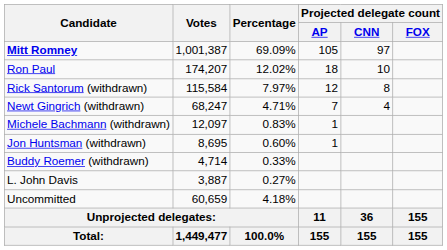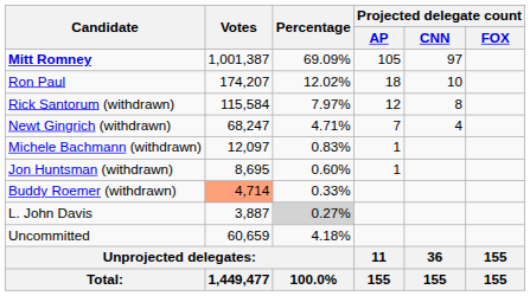 <table class="wikitable" style="text-align:right;">
 <tr>
 <th rowspan="2">Candidate</th>
 <th rowspan="2">Votes</th>
 <th rowspan="2">Percentage</th>
 <th colspan="3">Projected delegate count</th>
 </tr>
 <tr>
 <th><a href='#'>AP</a></th>
 <th><a href='#'>CNN</a><br></th>
 <th><a href='#'>FOX</a><br></th>
 </tr>
 <tr>
 <td style="text-align:left;"> <strong><a href='#'>Mitt Romney</a></strong></td>
 <td>1,001,387</td>
 <td>69.09%</td>
 <td>105</td>
 <td>97</td>
 <td></td>
 </tr>
 <tr>
 <td style="text-align:left;"><a href='#'>Ron Paul</a></td>
 <td>174,207</td>
 <td>12.02%</td>
 <td>18</td>
 <td>10</td>
 <td></td>
 </tr>
 <tr>
 <td style="text-align:left;"><a href='#'>Rick Santorum</a> (withdrawn)</td>
 <td>115,584</td>
 <td>7.97%</td>
 <td>12</td>
 <td>8</td>
 <td></td>
 </tr>
 <tr>
 <td style="text-align:left;"><a href='#'>Newt Gingrich</a> (withdrawn)</td>
 <td>68,247</td>
 <td>4.71%</td>
 <td>7</td>
 <td>4</td>
 <td></td>
 </tr>
 <tr>
 <td style="text-align:left;"><a href='#'>Michele Bachmann</a> (withdrawn)</td>
 <td>12,097</td>
 <td>0.83%</td>
 <td>1</td>
 <td></td>
 <td></td>
 </tr>
 <tr>
 <td style="text-align:left;"><a href='#'>Jon Huntsman</a> (withdrawn)</td>
 <td>8,695</td>
 <td>0.60%</td>
 <td>1</td>
 <td></td>
 <td></td>
 </tr>
 <tr>
 <td style="text-align:left;"><a href='#'>Buddy Roemer</a> (withdrawn)</td>
-<td>4,714</td>
+<td style="background: lightsalmon;">4,714</td>
 <td>0.33%</td>
 <td></td>
 <td></td>
 <td></td>
 </tr>
 <tr>
 <td style="text-align:left;">L. John Davis</td>
 <td>3,887</td>
-<td>0.27%</td>
+<td style="background: lightgrey;">0.27%</td>
 <td></td>
 <td></td>
 <td></td>
 </tr>
 <tr>
 <td style="text-align:left;">Uncommitted</td>
 <td>60,659</td>
 <td>4.18%</td>
 <td></td>
 <td></td>
 <td></td>
 </tr>
 <tr style="background:#eee;">
 <th colspan="3">Unprojected delegates:</th>
 <th>11</th>
 <th>36</th>
 <th>155</th>
 </tr>
 <tr style="background:#eee;">
 <th>Total:</th>
 <th>1,449,477</th>
 <th>100.0%</th>
 <th>155</th>
 <th>155</th>
 <th>155</th>
 </tr>
 </table>
